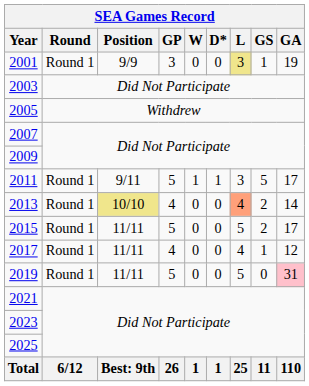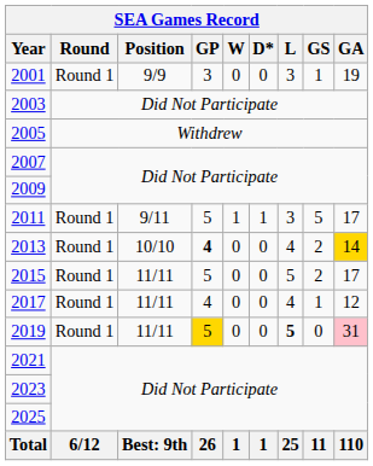 <table class="wikitable" style="text-align:center; font-size:90%;">
 <tr>
 <th colspan=9><a href='#'>SEA Games Record</a></th>
 </tr>
 <tr>
 <th>Year</th>
 <th>Round</th>
 <th>Position</th>
 <th>GP</th>
 <th>W</th>
 <th>D*</th>
 <th>L</th>
 <th>GS</th>
 <th>GA</th>
 </tr>
 <tr>
 <td> <a href='#'>2001</a></td>
 <td>Round 1</td>
 <td>9/9</td>
 <td>3</td>
 <td>0</td>
 <td>0</td>
-<td style="background: khaki;">3</td>
+<td>3</td>
 <td>1</td>
 <td>19</td>
 </tr>
 <tr>
 <td> <a href='#'>2003</a></td>
 <td colspan=8><em>Did Not Participate</em></td>
 </tr>
 <tr>
 <td> <a href='#'>2005</a></td>
 <td colspan=8><em>Withdrew</em></td>
 </tr>
 <tr>
 <td> <a href='#'>2007</a></td>
 <td colspan=8 rowspan=2><em>Did Not Participate</em></td>
 </tr>
 <tr>
 <td> <a href='#'>2009</a></td>
 </tr>
 <tr>
 <td> <a href='#'>2011</a></td>
 <td>Round 1</td>
 <td>9/11</td>
 <td>5</td>
 <td>1</td>
 <td>1</td>
 <td>3</td>
 <td>5</td>
 <td>17</td>
 </tr>
 <tr>
 <td> <a href='#'>2013</a></td>
 <td>Round 1</td>
-<td style="background: khaki;">10/10</td>
-<td>4</td>
+<td>10/10</td>
+<td><strong>4</strong></td>
 <td>0</td>
 <td>0</td>
-<td style="background: lightsalmon;">4</td>
+<td>4</td>
 <td>2</td>
-<td>14</td>
+<td style="background: gold;">14</td>
 </tr>
 <tr>
 <td> <a href='#'>2015</a></td>
 <td>Round 1</td>
 <td>11/11</td>
 <td>5</td>
 <td>0</td>
 <td>0</td>
 <td>5</td>
 <td>2</td>
 <td>17</td>
 </tr>
 <tr>
 <td> <a href='#'>2017</a></td>
 <td>Round 1</td>
 <td>11/11</td>
 <td>4</td>
 <td>0</td>
 <td>0</td>
 <td>4</td>
 <td>1</td>
 <td>12</td>
 </tr>
 <tr>
 <td> <a href='#'>2019</a></td>
 <td>Round 1</td>
 <td>11/11</td>
-<td>5</td>
+<td style="background: gold;">5</td>
 <td>0</td>
 <td>0</td>
-<td>5</td>
+<td><strong>5</strong></td>
 <td>0</td>
 <td style="background: pink;">31</td>
 </tr>
 <tr>
 <td> <a href='#'>2021</a></td>
 <td rowspan=3 colspan=8><em>Did Not Participate</em></td>
 </tr>
 <tr>
 <td> <a href='#'>2023</a></td>
 </tr>
 <tr>
 <td> <a href='#'>2025</a></td>
 </tr>
 <tr>
 <th>Total</th>
 <th>6/12</th>
 <th>Best: 9th</th>
 <th>26</th>
 <th>1</th>
 <th>1</th>
 <th>25</th>
 <th>11</th>
 <th>110</th>
 </tr>
 </table>
